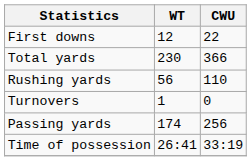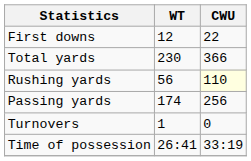 <table class="wikitable" style="float: left;">
 <tr>
 <th>Statistics</th>
 <th>WT</th>
 <th>CWU</th>
 </tr>
 <tr>
 <td>First downs</td>
 <td>12</td>
 <td>22</td>
 </tr>
 <tr>
 <td>Total yards</td>
 <td>230</td>
 <td>366</td>
 </tr>
 <tr>
 <td>Rushing yards</td>
 <td>56</td>
-<td>110</td>
+<td style="background: lightyellow;">110</td>
+</tr>
+<tr>
+<td>Passing yards</td>
+<td>174</td>
+<td>256</td>
 </tr>
 <tr>
 <td>Turnovers</td>
 <td>1</td>
 <td>0</td>
-</tr>
-<tr>
-<td>Passing yards</td>
-<td>174</td>
-<td>256</td>
 </tr>
 <tr>
 <td>Time of possession</td>
 <td>26:41</td>
 <td>33:19</td>
 </tr>
 <tr>
 </tr>
 </table>
